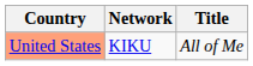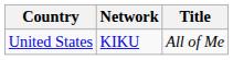 <table class="wikitable">
 <tr>
 <th>Country</th>
 <th>Network</th>
 <th>Title</th>
 </tr>
 <tr>
-<td style="background: lightsalmon;"><a href='#'>United States</a></td>
+<td><a href='#'>United States</a></td>
 <td><a href='#'>KIKU</a></td>
 <td><em>All of Me</em></td>
 </tr>
 </table>
